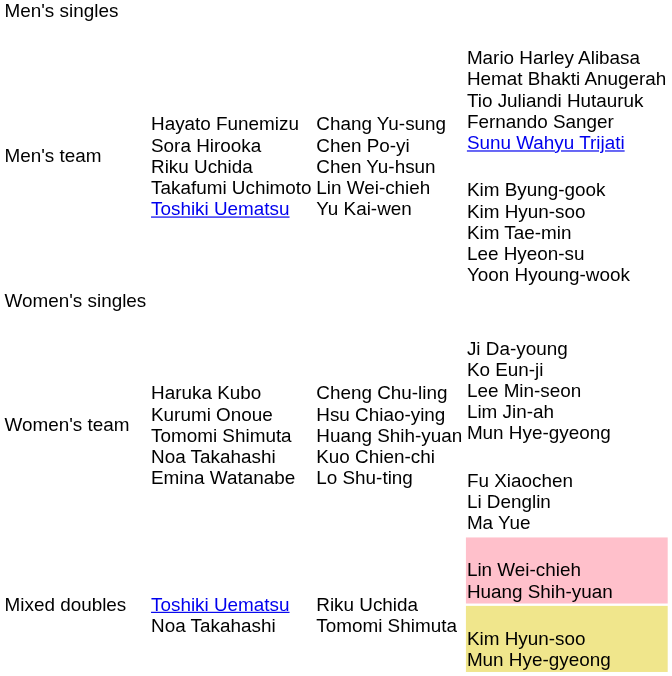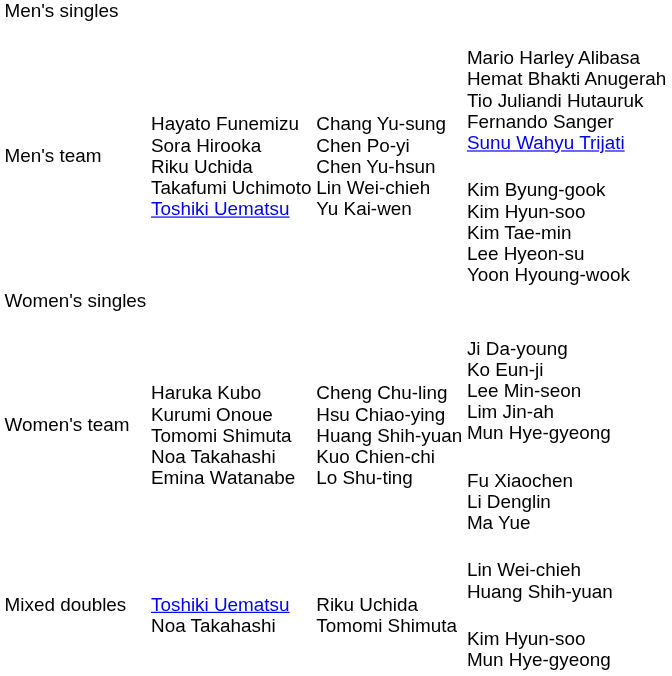 <table>
 <tr>
 <td rowspan=2>Men's singles<br></td>
 <td rowspan=2></td>
 <td rowspan=2></td>
 <td></td>
 </tr>
 <tr>
 <td></td>
 </tr>
 <tr>
 <td rowspan=2>Men's team<br></td>
 <td rowspan=2><br>Hayato Funemizu<br>Sora Hirooka<br>Riku Uchida<br>Takafumi Uchimoto<br><a href='#'>Toshiki Uematsu</a></td>
 <td rowspan=2><br>Chang Yu-sung<br>Chen Po-yi<br>Chen Yu-hsun<br>Lin Wei-chieh<br>Yu Kai-wen</td>
 <td><br>Mario Harley Alibasa<br>Hemat Bhakti Anugerah<br>Tio Juliandi Hutauruk<br>Fernando Sanger<br><a href='#'>Sunu Wahyu Trijati</a></td>
 </tr>
 <tr>
 <td><br>Kim Byung-gook<br>Kim Hyun-soo<br>Kim Tae-min<br>Lee Hyeon-su<br>Yoon Hyoung-wook</td>
 </tr>
 <tr>
 <td rowspan=2>Women's singles<br></td>
 <td rowspan=2></td>
 <td rowspan=2></td>
 <td></td>
 </tr>
 <tr>
 <td></td>
 </tr>
 <tr>
 <td rowspan=2>Women's team<br></td>
 <td rowspan=2><br>Haruka Kubo<br>Kurumi Onoue<br>Tomomi Shimuta<br>Noa Takahashi<br>Emina Watanabe</td>
 <td rowspan=2><br>Cheng Chu-ling<br>Hsu Chiao-ying<br>Huang Shih-yuan<br>Kuo Chien-chi<br>Lo Shu-ting</td>
 <td><br>Ji Da-young<br>Ko Eun-ji<br>Lee Min-seon<br>Lim Jin-ah<br>Mun Hye-gyeong</td>
 </tr>
 <tr>
 <td><br>Fu Xiaochen<br>Li Denglin<br>Ma Yue</td>
 </tr>
 <tr>
 <td rowspan=2>Mixed doubles<br></td>
 <td rowspan=2><br><a href='#'>Toshiki Uematsu</a><br>Noa Takahashi</td>
 <td rowspan=2><br>Riku Uchida<br>Tomomi Shimuta</td>
-<td style="background: pink;"><br>Lin Wei-chieh<br>Huang Shih-yuan</td>
+<td><br>Lin Wei-chieh<br>Huang Shih-yuan</td>
 </tr>
 <tr>
-<td style="background: khaki;"><br>Kim Hyun-soo<br>Mun Hye-gyeong</td>
+<td><br>Kim Hyun-soo<br>Mun Hye-gyeong</td>
 </tr>
 </table>
